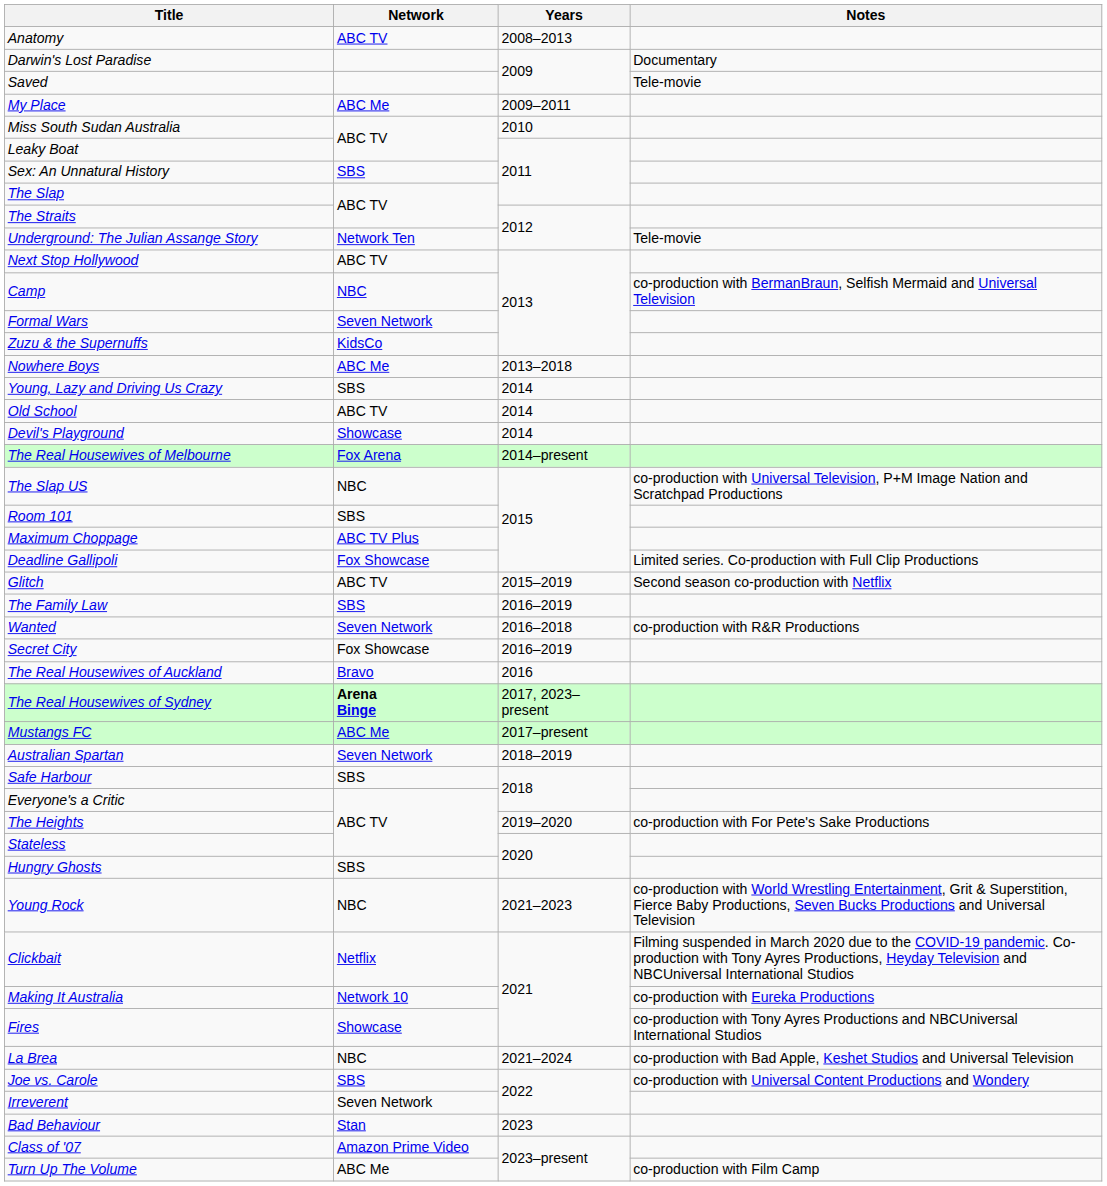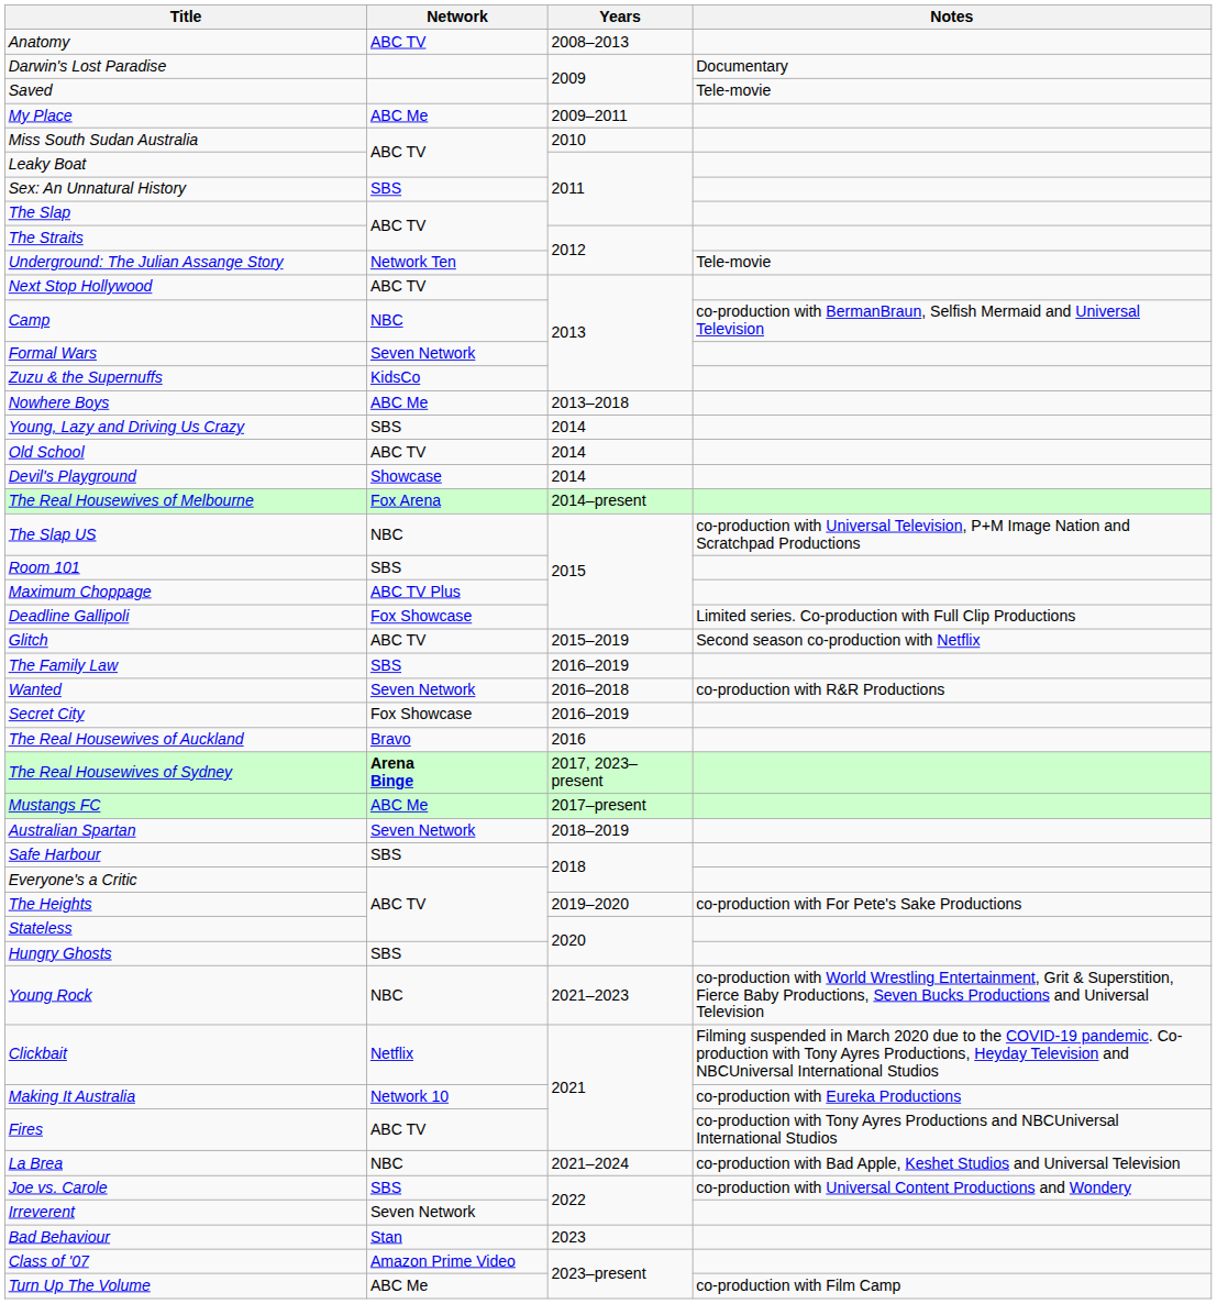 <table class="wikitable sortable">
 <tr>
 <th style="width:30%;">Title</th>
 <th style="width:15%;">Network</th>
 <th style="width:12%;">Years</th>
 <th>Notes</th>
 </tr>
 <tr>
 <td><em>Anatomy</em></td>
 <td><a href='#'>ABC TV</a></td>
 <td>2008–2013</td>
 <td></td>
 </tr>
 <tr>
 <td><em>Darwin's Lost Paradise</em></td>
 <td></td>
 <td rowspan="2">2009</td>
 <td>Documentary</td>
 </tr>
 <tr>
 <td><em>Saved</em></td>
 <td></td>
 <td>Tele-movie</td>
 </tr>
 <tr>
 <td><em><a href='#'>My Place</a></em></td>
 <td><a href='#'>ABC Me</a></td>
 <td>2009–2011</td>
 <td></td>
 </tr>
 <tr>
 <td><em>Miss South Sudan Australia</em></td>
 <td rowspan="2">ABC TV</td>
 <td>2010</td>
 <td></td>
 </tr>
 <tr>
 <td><em>Leaky Boat</em></td>
 <td rowspan="3">2011</td>
 <td></td>
 </tr>
 <tr>
 <td><em>Sex: An Unnatural History</em></td>
 <td><a href='#'>SBS</a></td>
 <td></td>
 </tr>
 <tr>
 <td><em><a href='#'>The Slap</a></em></td>
 <td rowspan="2">ABC TV</td>
 <td></td>
 </tr>
 <tr>
 <td><em><a href='#'>The Straits</a></em></td>
 <td rowspan="2'">2012</td>
 <td></td>
 </tr>
 <tr>
 <td><em><a href='#'>Underground: The Julian Assange Story</a></em></td>
 <td><a href='#'>Network Ten</a></td>
 <td>Tele-movie</td>
 </tr>
 <tr>
 <td><em><a href='#'>Next Stop Hollywood</a></em></td>
 <td>ABC TV</td>
 <td rowspan="4">2013</td>
 <td></td>
 </tr>
 <tr>
 <td><em><a href='#'>Camp</a></em></td>
 <td><a href='#'>NBC</a></td>
 <td>co-production with <a href='#'>BermanBraun</a>, Selfish Mermaid and <a href='#'>Universal Television</a></td>
 </tr>
 <tr>
 <td><em><a href='#'>Formal Wars</a></em></td>
 <td><a href='#'>Seven Network</a></td>
 <td></td>
 </tr>
 <tr>
 <td><em><a href='#'>Zuzu & the Supernuffs</a></em></td>
 <td><a href='#'>KidsCo</a></td>
 <td></td>
 </tr>
 <tr>
 <td><em><a href='#'>Nowhere Boys</a></em></td>
 <td><a href='#'>ABC Me</a></td>
 <td>2013–2018</td>
 <td></td>
 </tr>
 <tr>
 <td><em><a href='#'>Young, Lazy and Driving Us Crazy</a></em></td>
 <td>SBS</td>
 <td>2014</td>
 <td></td>
 </tr>
 <tr>
 <td><em><a href='#'>Old School</a></em></td>
 <td>ABC TV</td>
 <td>2014</td>
 <td></td>
 </tr>
 <tr>
 <td><em><a href='#'>Devil's Playground</a></em></td>
 <td><a href='#'>Showcase</a></td>
 <td>2014</td>
 <td></td>
 </tr>
 <tr style="background: #CCFFCC;">
 <td><em><a href='#'>The Real Housewives of Melbourne</a></em></td>
 <td><a href='#'>Fox Arena</a></td>
 <td>2014–present</td>
 <td></td>
 </tr>
 <tr>
 <td><em><a href='#'>The Slap US</a></em></td>
 <td>NBC</td>
 <td rowspan="4">2015</td>
 <td>co-production with <a href='#'>Universal Television</a>, P+M Image Nation and Scratchpad Productions</td>
 </tr>
 <tr>
 <td><em><a href='#'>Room 101</a></em></td>
 <td>SBS</td>
 <td></td>
 </tr>
 <tr>
 <td><em><a href='#'>Maximum Choppage</a></em></td>
 <td><a href='#'>ABC TV Plus</a></td>
 <td></td>
 </tr>
 <tr>
 <td><em><a href='#'>Deadline Gallipoli</a></em></td>
 <td><a href='#'>Fox Showcase</a></td>
 <td>Limited series. Co-production with Full Clip Productions</td>
 </tr>
 <tr>
 <td><em><a href='#'>Glitch</a></em></td>
 <td>ABC TV</td>
 <td>2015–2019</td>
 <td>Second season co-production with <a href='#'>Netflix</a></td>
 </tr>
 <tr>
 <td><em><a href='#'>The Family Law</a></em></td>
 <td><a href='#'>SBS</a></td>
 <td>2016–2019</td>
 <td></td>
 </tr>
 <tr>
 <td><em><a href='#'>Wanted</a></em></td>
 <td><a href='#'>Seven Network</a></td>
 <td>2016–2018</td>
 <td>co-production with R&R Productions</td>
 </tr>
 <tr>
 <td><em><a href='#'>Secret City</a></em></td>
 <td>Fox Showcase</td>
 <td>2016–2019</td>
 <td></td>
 </tr>
 <tr>
 <td><em><a href='#'>The Real Housewives of Auckland</a></em></td>
 <td><a href='#'>Bravo</a></td>
 <td>2016</td>
 <td></td>
 </tr>
 <tr style="background: #CCFFCC;">
 <td><em><a href='#'>The Real Housewives of Sydney</a></em></td>
 <td><strong>Arena<br><a href='#'>Binge</a></strong></td>
 <td>2017, 2023–present</td>
 <td></td>
 </tr>
 <tr style="background: #CCFFCC;">
 <td><em><a href='#'>Mustangs FC</a></em></td>
 <td><a href='#'>ABC Me</a></td>
 <td>2017–present</td>
 <td></td>
 </tr>
 <tr>
 <td><em><a href='#'>Australian Spartan</a></em></td>
 <td><a href='#'>Seven Network</a></td>
 <td>2018–2019</td>
 <td></td>
 </tr>
 <tr>
 <td><em><a href='#'>Safe Harbour</a></em></td>
 <td>SBS</td>
 <td rowspan="2">2018</td>
 <td></td>
 </tr>
 <tr>
 <td><em>Everyone's a Critic</em></td>
 <td rowspan="3">ABC TV</td>
 <td></td>
 </tr>
 <tr>
 <td><em><a href='#'>The Heights</a></em></td>
 <td>2019–2020</td>
 <td>co-production with For Pete's Sake Productions</td>
 </tr>
 <tr>
 <td><em><a href='#'>Stateless</a></em></td>
 <td rowspan="2">2020</td>
 <td></td>
 </tr>
 <tr>
 <td><em><a href='#'>Hungry Ghosts</a></em></td>
 <td>SBS</td>
 <td></td>
 </tr>
 <tr>
 <td><em><a href='#'>Young Rock</a></em></td>
 <td>NBC</td>
 <td>2021–2023</td>
 <td>co-production with <a href='#'>World Wrestling Entertainment</a>, Grit & Superstition, Fierce Baby Productions, <a href='#'>Seven Bucks Productions</a> and Universal Television</td>
 </tr>
 <tr>
 <td><em><a href='#'>Clickbait</a></em></td>
 <td><a href='#'>Netflix</a></td>
 <td rowspan="3">2021</td>
 <td>Filming suspended in March 2020 due to the <a href='#'>COVID-19 pandemic</a>. Co-production with Tony Ayres Productions, <a href='#'>Heyday Television</a> and NBCUniversal International Studios</td>
 </tr>
 <tr>
 <td><em><a href='#'>Making It Australia</a></em></td>
 <td><a href='#'>Network 10</a></td>
 <td>co-production with <a href='#'>Eureka Productions</a></td>
 </tr>
 <tr>
 <td><em><a href='#'>Fires</a></em></td>
-<td><a href='#'>Showcase</a></td>
+<td>ABC TV</td>
 <td>co-production with Tony Ayres Productions and NBCUniversal International Studios</td>
 </tr>
 <tr>
 <td><em><a href='#'>La Brea</a></em></td>
 <td>NBC</td>
 <td>2021–2024</td>
 <td>co-production with Bad Apple, <a href='#'>Keshet Studios</a> and Universal Television</td>
 </tr>
 <tr>
 <td><em><a href='#'>Joe vs. Carole</a></em></td>
 <td><a href='#'>SBS</a></td>
 <td rowspan="2">2022</td>
 <td>co-production with <a href='#'>Universal Content Productions</a> and <a href='#'>Wondery</a></td>
 </tr>
 <tr>
 <td><em><a href='#'>Irreverent</a></em></td>
 <td>Seven Network</td>
 <td></td>
 </tr>
 <tr>
 <td><em><a href='#'>Bad Behaviour</a></em></td>
 <td><a href='#'>Stan</a></td>
 <td>2023</td>
 <td></td>
 </tr>
 <tr>
 <td><em><a href='#'>Class of '07</a></em></td>
 <td><a href='#'>Amazon Prime Video</a></td>
 <td rowspan="2">2023–present</td>
 </tr>
 <tr>
 <td><em><a href='#'>Turn Up The Volume</a></em></td>
 <td>ABC Me</td>
 <td>co-production with Film Camp</td>
 </tr>
 </table>
